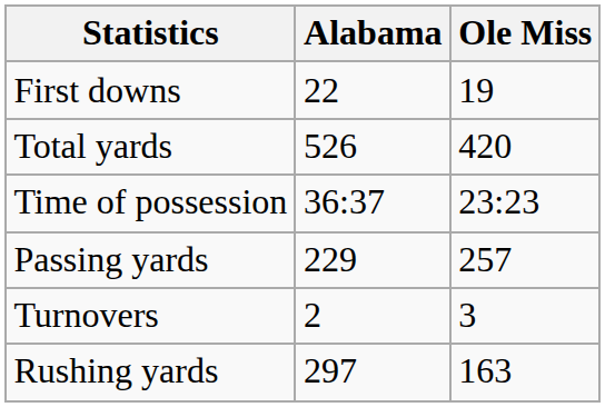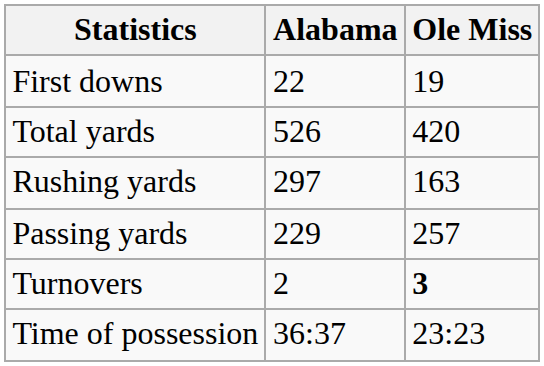 <table class="wikitable" style="float: left;">
 <tr>
 <th>Statistics</th>
 <th>Alabama</th>
 <th>Ole Miss</th>
 </tr>
 <tr>
 <td>First downs</td>
 <td>22</td>
 <td>19</td>
 </tr>
 <tr>
 <td>Total yards</td>
 <td>526</td>
 <td>420</td>
 </tr>
 <tr>
-<td>Time of possession</td>
-<td>36:37</td>
-<td>23:23</td>
+<td>Rushing yards</td>
+<td>297</td>
+<td>163</td>
 </tr>
 <tr>
 <td>Passing yards</td>
 <td>229</td>
 <td>257</td>
 </tr>
 <tr>
 <td>Turnovers</td>
 <td>2</td>
-<td>3</td>
+<td><strong>3</strong></td>
 </tr>
 <tr>
-<td>Rushing yards</td>
-<td>297</td>
-<td>163</td>
+<td>Time of possession</td>
+<td>36:37</td>
+<td>23:23</td>
 </tr>
 <tr>
 </tr>
 </table>
